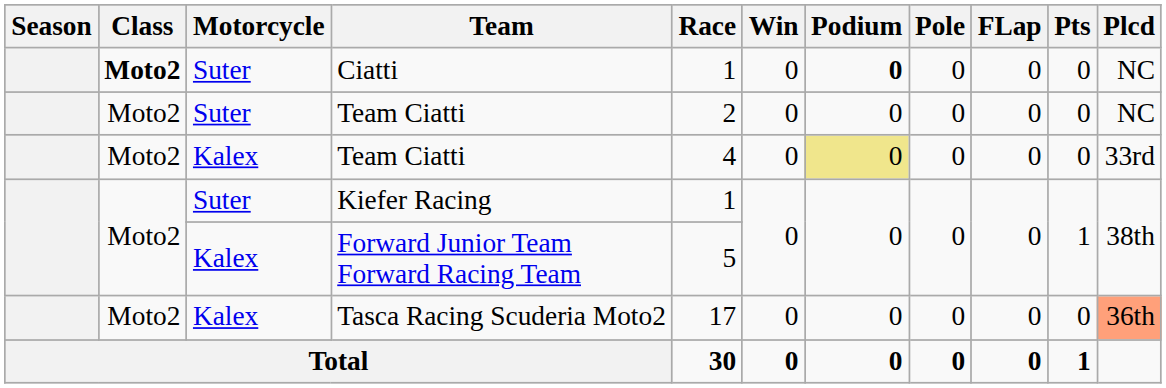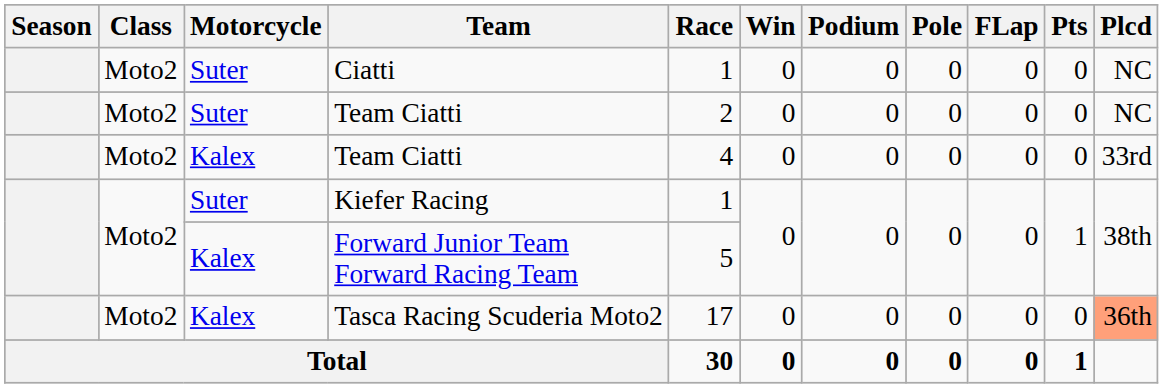 <table class="wikitable" style="text-align:right;">
 <tr>
 <th>Season</th>
 <th>Class</th>
 <th>Motorcycle</th>
 <th>Team</th>
 <th>Race</th>
 <th>Win</th>
 <th>Podium</th>
 <th>Pole</th>
 <th>FLap</th>
 <th>Pts</th>
 <th>Plcd</th>
 </tr>
 <tr>
 <th></th>
-<td><strong>Moto2</strong></td>
+<td>Moto2</td>
 <td style="text-align:left;"><a href='#'>Suter</a></td>
 <td style="text-align:left;">Ciatti</td>
 <td>1</td>
 <td>0</td>
-<td><strong>0</strong></td>
+<td>0</td>
 <td>0</td>
 <td>0</td>
 <td>0</td>
 <td>NC</td>
 </tr>
 <tr>
 <th></th>
 <td>Moto2</td>
 <td style="text-align:left;"><a href='#'>Suter</a></td>
 <td style="text-align:left;">Team Ciatti</td>
 <td>2</td>
 <td>0</td>
 <td>0</td>
 <td>0</td>
 <td>0</td>
 <td>0</td>
 <td>NC</td>
 </tr>
 <tr>
 <th></th>
 <td>Moto2</td>
 <td style="text-align:left;"><a href='#'>Kalex</a></td>
 <td style="text-align:left;">Team Ciatti</td>
 <td>4</td>
 <td>0</td>
-<td style="background: khaki;">0</td>
+<td>0</td>
 <td>0</td>
 <td>0</td>
 <td>0</td>
 <td>33rd</td>
 </tr>
 <tr>
 <th rowspan="2"></th>
 <td rowspan="2">Moto2</td>
 <td style="text-align:left;"><a href='#'>Suter</a></td>
 <td style="text-align:left;">Kiefer Racing</td>
 <td>1</td>
 <td rowspan="2">0</td>
 <td rowspan="2">0</td>
 <td rowspan="2">0</td>
 <td rowspan="2">0</td>
 <td rowspan="2">1</td>
 <td rowspan="2">38th</td>
 </tr>
 <tr>
 <td style="text-align:left;"><a href='#'>Kalex</a></td>
 <td style="text-align:left;"><a href='#'>Forward Junior Team</a><br><a href='#'>Forward Racing Team</a></td>
 <td>5</td>
 </tr>
 <tr>
 <th></th>
 <td>Moto2</td>
 <td style="text-align:left;"><a href='#'>Kalex</a></td>
 <td style="text-align:left;">Tasca Racing Scuderia Moto2</td>
 <td>17</td>
 <td>0</td>
 <td>0</td>
 <td>0</td>
 <td>0</td>
 <td>0</td>
 <td style="background: lightsalmon;">36th</td>
 </tr>
 <tr>
 <th colspan="4">Total</th>
 <td><strong>30</strong></td>
 <td><strong>0</strong></td>
 <td><strong>0</strong></td>
 <td><strong>0</strong></td>
 <td><strong>0</strong></td>
 <td><strong>1</strong></td>
 <td></td>
 </tr>
 </table>
